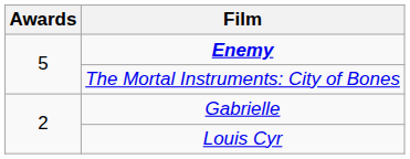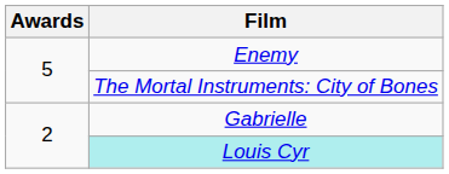 <table class="wikitable" style="text-align: center">
 <tr>
 <th scope="col">Awards</th>
 <th scope="col">Film</th>
 </tr>
 <tr>
 <td rowspan=2 style="text-align:center;">5</td>
-<td><strong><em><a href='#'>Enemy</a></em></strong></td>
+<td><em><a href='#'>Enemy</a></em></td>
 </tr>
 <tr>
 <td><em><a href='#'>The Mortal Instruments: City of Bones</a></em></td>
 </tr>
 <tr>
 <td rowspan=2 style="text-align:center;">2</td>
 <td><em><a href='#'>Gabrielle</a></em></td>
 </tr>
 <tr>
-<td><em><a href='#'>Louis Cyr</a></em></td>
+<td style="background: paleturquoise;"><em><a href='#'>Louis Cyr</a></em></td>
 </tr>
 </table>
